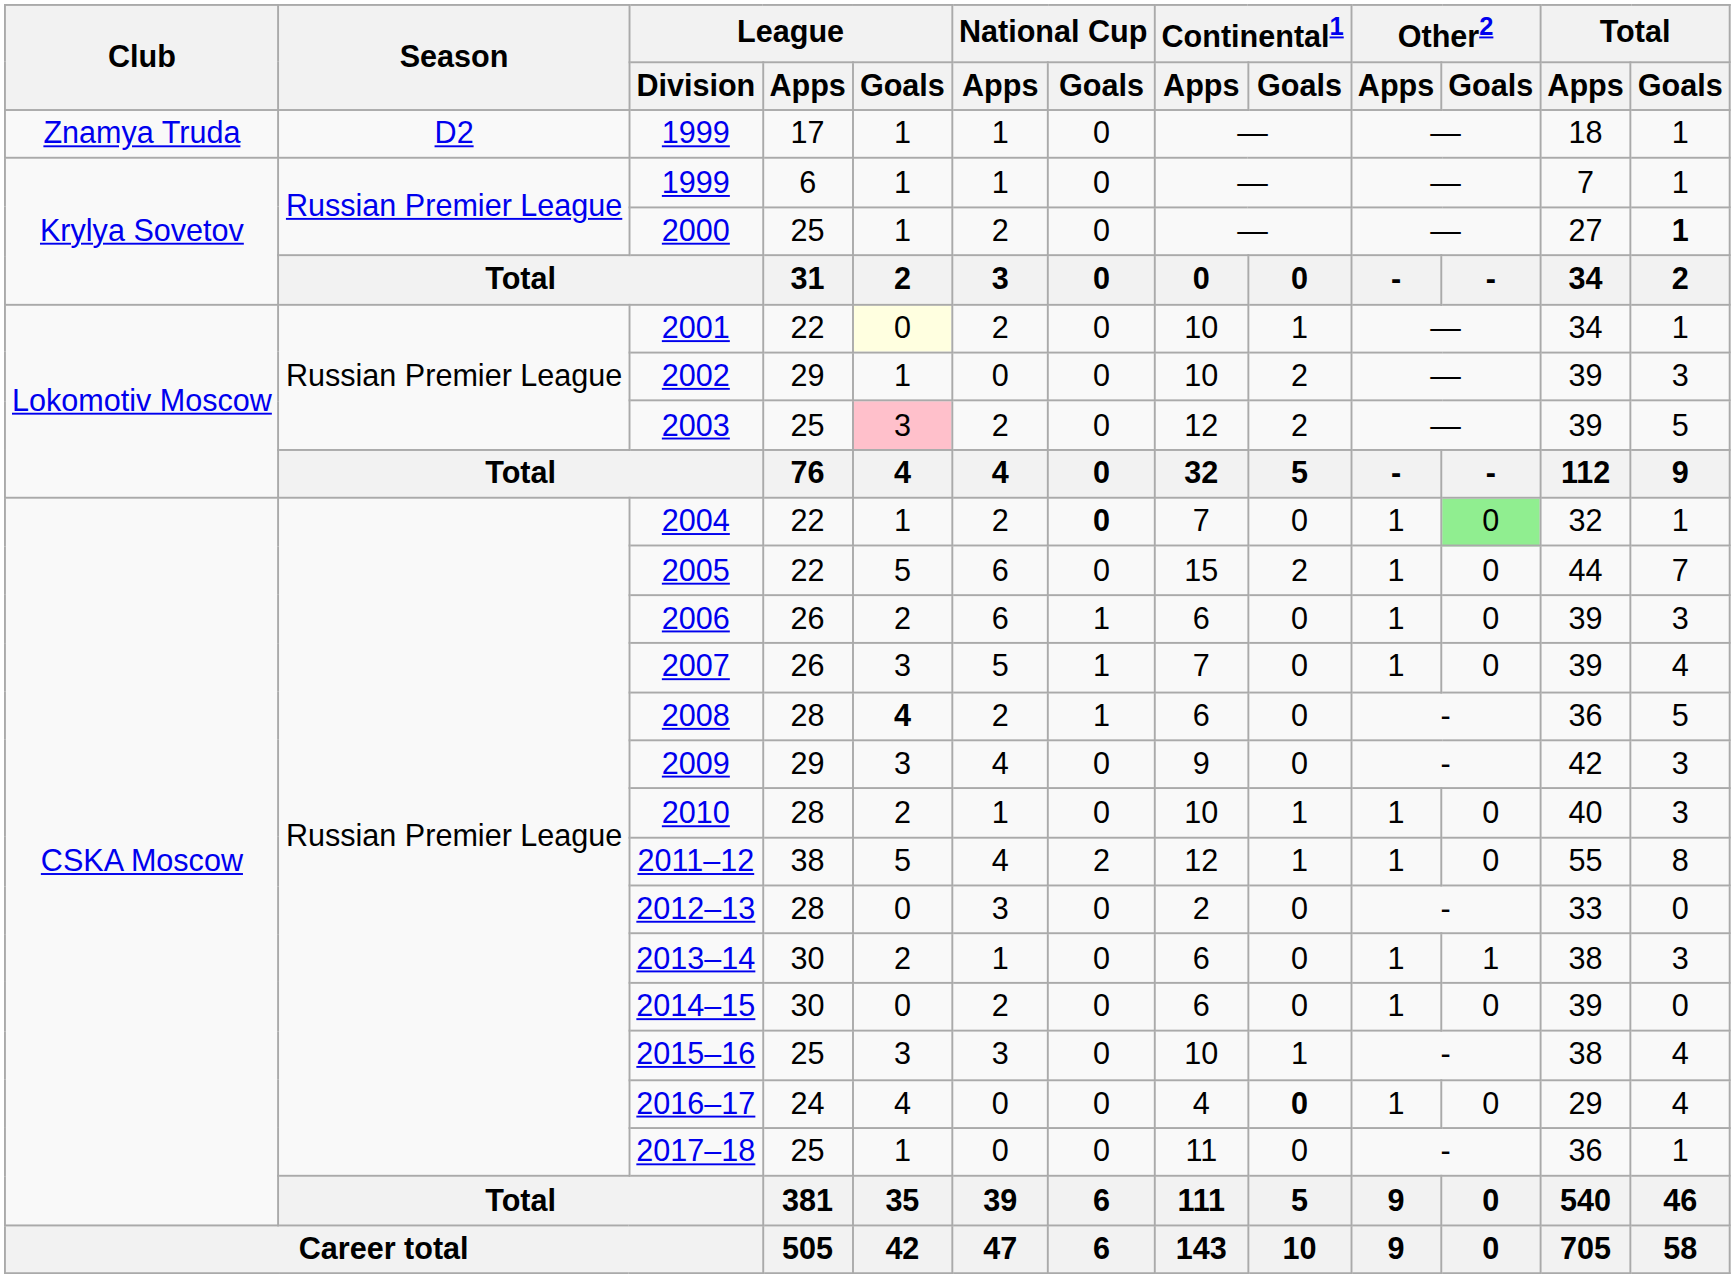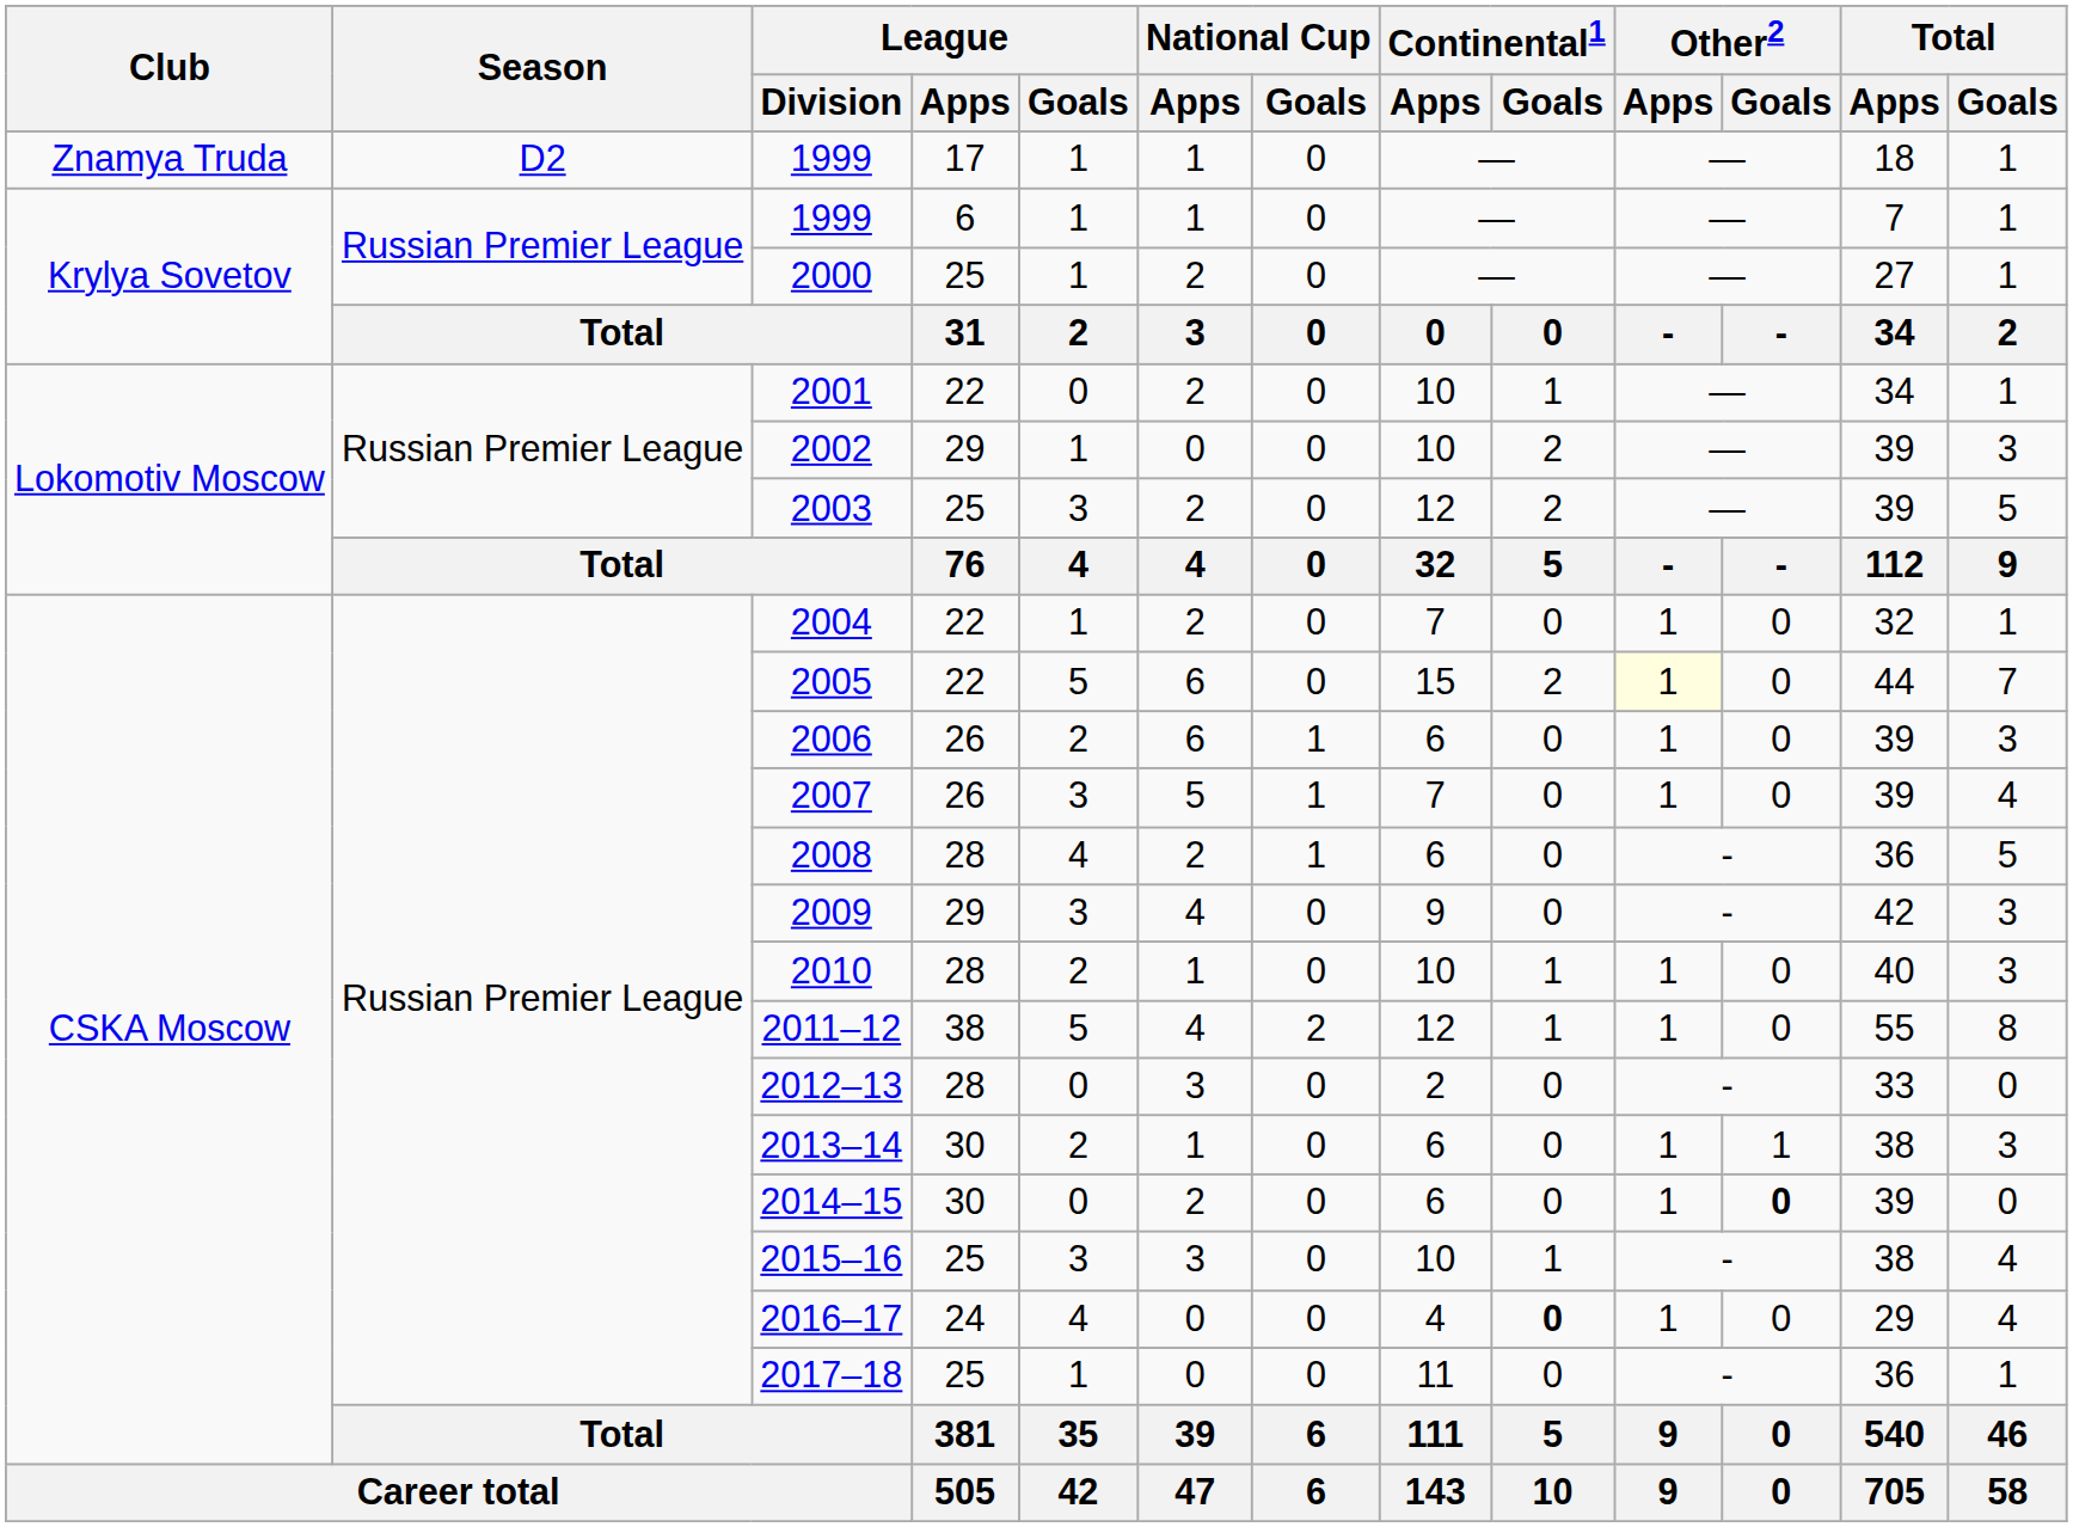 <table class="wikitable" style="text-align: center;">
 <tr>
 <th rowspan="2">Club</th>
 <th rowspan="2">Season</th>
 <th colspan="3">League</th>
 <th colspan="2">National Cup</th>
 <th colspan="2">Continental<sup><a href='#'>1</a></sup></th>
 <th colspan="2">Other<sup><a href='#'>2</a></sup></th>
 <th colspan="2">Total</th>
 </tr>
 <tr>
 <th>Division</th>
 <th>Apps</th>
 <th>Goals</th>
 <th>Apps</th>
 <th>Goals</th>
 <th>Apps</th>
 <th>Goals</th>
 <th>Apps</th>
 <th>Goals</th>
 <th>Apps</th>
 <th>Goals</th>
 </tr>
 <tr>
 <td valign="center"><a href='#'>Znamya Truda</a></td>
 <td><a href='#'>D2</a></td>
 <td><a href='#'>1999</a></td>
 <td>17</td>
 <td>1</td>
 <td>1</td>
 <td>0</td>
 <td colspan="2">—</td>
 <td colspan="2">—</td>
 <td>18</td>
 <td>1</td>
 </tr>
 <tr>
 <td rowspan="3" valign="center"><a href='#'>Krylya Sovetov</a></td>
 <td rowspan="2"><a href='#'>Russian Premier League</a></td>
 <td><a href='#'>1999</a></td>
 <td>6</td>
 <td>1</td>
 <td>1</td>
 <td>0</td>
 <td colspan="2">—</td>
 <td colspan="2">—</td>
 <td>7</td>
 <td>1</td>
 </tr>
 <tr>
 <td><a href='#'>2000</a></td>
 <td>25</td>
 <td>1</td>
 <td>2</td>
 <td>0</td>
 <td colspan="2">—</td>
 <td colspan="2">—</td>
 <td>27</td>
-<td><strong>1</strong></td>
+<td>1</td>
 </tr>
 <tr>
 <th colspan="2">Total</th>
 <th>31</th>
 <th>2</th>
 <th>3</th>
 <th>0</th>
 <th>0</th>
 <th>0</th>
 <th>-</th>
 <th>-</th>
 <th>34</th>
 <th>2</th>
 </tr>
 <tr>
 <td rowspan="4" valign="center"><a href='#'>Lokomotiv Moscow</a></td>
 <td rowspan="3">Russian Premier League</td>
 <td><a href='#'>2001</a></td>
 <td>22</td>
-<td style="background: lightyellow;">0</td>
+<td>0</td>
 <td>2</td>
 <td>0</td>
 <td>10</td>
 <td>1</td>
 <td colspan="2">—</td>
 <td>34</td>
 <td>1</td>
 </tr>
 <tr>
 <td><a href='#'>2002</a></td>
 <td>29</td>
 <td>1</td>
 <td>0</td>
 <td>0</td>
 <td>10</td>
 <td>2</td>
 <td colspan="2">—</td>
 <td>39</td>
 <td>3</td>
 </tr>
 <tr>
 <td><a href='#'>2003</a></td>
 <td>25</td>
-<td style="background: pink;">3</td>
+<td>3</td>
 <td>2</td>
 <td>0</td>
 <td>12</td>
 <td>2</td>
 <td colspan="2">—</td>
 <td>39</td>
 <td>5</td>
 </tr>
 <tr>
 <th colspan="2">Total</th>
 <th>76</th>
 <th>4</th>
 <th>4</th>
 <th>0</th>
 <th>32</th>
 <th>5</th>
 <th>-</th>
 <th>-</th>
 <th>112</th>
 <th>9</th>
 </tr>
 <tr>
 <td rowspan="15" valign="center"><a href='#'>CSKA Moscow</a></td>
 <td rowspan="14">Russian Premier League</td>
 <td><a href='#'>2004</a></td>
 <td>22</td>
 <td>1</td>
 <td>2</td>
-<td><strong>0</strong></td>
+<td>0</td>
 <td>7</td>
 <td>0</td>
 <td>1</td>
-<td style="background: lightgreen;">0</td>
+<td>0</td>
 <td>32</td>
 <td>1</td>
 </tr>
 <tr>
 <td><a href='#'>2005</a></td>
 <td>22</td>
 <td>5</td>
 <td>6</td>
 <td>0</td>
 <td>15</td>
 <td>2</td>
-<td>1</td>
+<td style="background: lightyellow;">1</td>
 <td>0</td>
 <td>44</td>
 <td>7</td>
 </tr>
 <tr>
 <td><a href='#'>2006</a></td>
 <td>26</td>
 <td>2</td>
 <td>6</td>
 <td>1</td>
 <td>6</td>
 <td>0</td>
 <td>1</td>
 <td>0</td>
 <td>39</td>
 <td>3</td>
 </tr>
 <tr>
 <td><a href='#'>2007</a></td>
 <td>26</td>
 <td>3</td>
 <td>5</td>
 <td>1</td>
 <td>7</td>
 <td>0</td>
 <td>1</td>
 <td>0</td>
 <td>39</td>
 <td>4</td>
 </tr>
 <tr>
 <td><a href='#'>2008</a></td>
 <td>28</td>
-<td><strong>4</strong></td>
+<td>4</td>
 <td>2</td>
 <td>1</td>
 <td>6</td>
 <td>0</td>
 <td colspan="2">-</td>
 <td>36</td>
 <td>5</td>
 </tr>
 <tr>
 <td><a href='#'>2009</a></td>
 <td>29</td>
 <td>3</td>
 <td>4</td>
 <td>0</td>
 <td>9</td>
 <td>0</td>
 <td colspan="2">-</td>
 <td>42</td>
 <td>3</td>
 </tr>
 <tr>
 <td><a href='#'>2010</a></td>
 <td>28</td>
 <td>2</td>
 <td>1</td>
 <td>0</td>
 <td>10</td>
 <td>1</td>
 <td>1</td>
 <td>0</td>
 <td>40</td>
 <td>3</td>
 </tr>
 <tr>
 <td><a href='#'>2011–12</a></td>
 <td>38</td>
 <td>5</td>
 <td>4</td>
 <td>2</td>
 <td>12</td>
 <td>1</td>
 <td>1</td>
 <td>0</td>
 <td>55</td>
 <td>8</td>
 </tr>
 <tr>
 <td><a href='#'>2012–13</a></td>
 <td>28</td>
 <td>0</td>
 <td>3</td>
 <td>0</td>
 <td>2</td>
 <td>0</td>
 <td colspan="2">-</td>
 <td>33</td>
 <td>0</td>
 </tr>
 <tr>
 <td><a href='#'>2013–14</a></td>
 <td>30</td>
 <td>2</td>
 <td>1</td>
 <td>0</td>
 <td>6</td>
 <td>0</td>
 <td>1</td>
 <td>1</td>
 <td>38</td>
 <td>3</td>
 </tr>
 <tr>
 <td><a href='#'>2014–15</a></td>
 <td>30</td>
 <td>0</td>
 <td>2</td>
 <td>0</td>
 <td>6</td>
 <td>0</td>
 <td>1</td>
-<td>0</td>
+<td><strong>0</strong></td>
 <td>39</td>
 <td>0</td>
 </tr>
 <tr>
 <td><a href='#'>2015–16</a></td>
 <td>25</td>
 <td>3</td>
 <td>3</td>
 <td>0</td>
 <td>10</td>
 <td>1</td>
 <td colspan="2">-</td>
 <td>38</td>
 <td>4</td>
 </tr>
 <tr>
 <td><a href='#'>2016–17</a></td>
 <td>24</td>
 <td>4</td>
 <td>0</td>
 <td>0</td>
 <td>4</td>
 <td><strong>0</strong></td>
 <td>1</td>
 <td>0</td>
 <td>29</td>
 <td>4</td>
 </tr>
 <tr>
 <td><a href='#'>2017–18</a></td>
 <td>25</td>
 <td>1</td>
 <td>0</td>
 <td>0</td>
 <td>11</td>
 <td>0</td>
 <td colspan="2">-</td>
 <td>36</td>
 <td>1</td>
 </tr>
 <tr>
 <th colspan="2">Total</th>
 <th>381</th>
 <th>35</th>
 <th>39</th>
 <th>6</th>
 <th>111</th>
 <th>5</th>
 <th>9</th>
 <th>0</th>
 <th>540</th>
 <th>46</th>
 </tr>
 <tr>
 <th colspan="3">Career total</th>
 <th>505</th>
 <th>42</th>
 <th>47</th>
 <th>6</th>
 <th>143</th>
 <th>10</th>
 <th>9</th>
 <th>0</th>
 <th>705</th>
 <th>58</th>
 </tr>
 </table>
